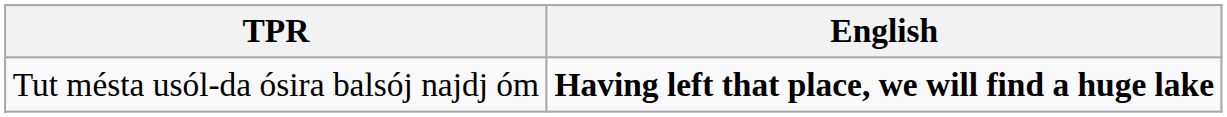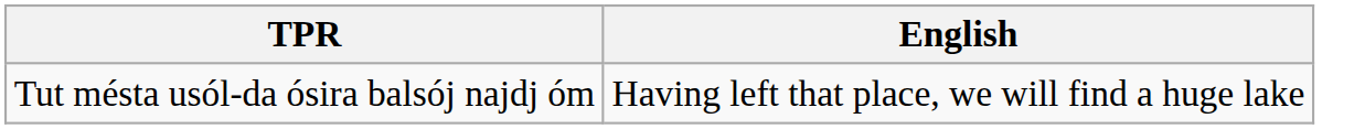 <table class="wikitable">
 <tr>
 <th>TPR</th>
 <th>English</th>
 </tr>
 <tr>
 <td>Tut mésta usól-da ósira balsój najdj óm</td>
-<td><strong>Having left that place, we will find a huge lake</strong></td>
+<td>Having left that place, we will find a huge lake</td>
 </tr>
 </table>
